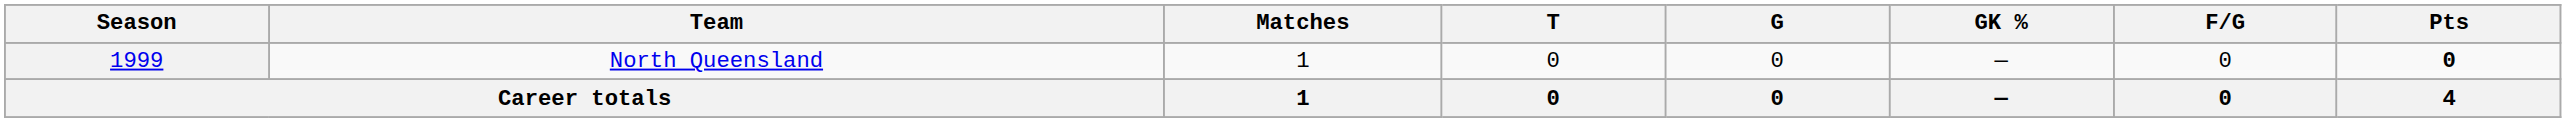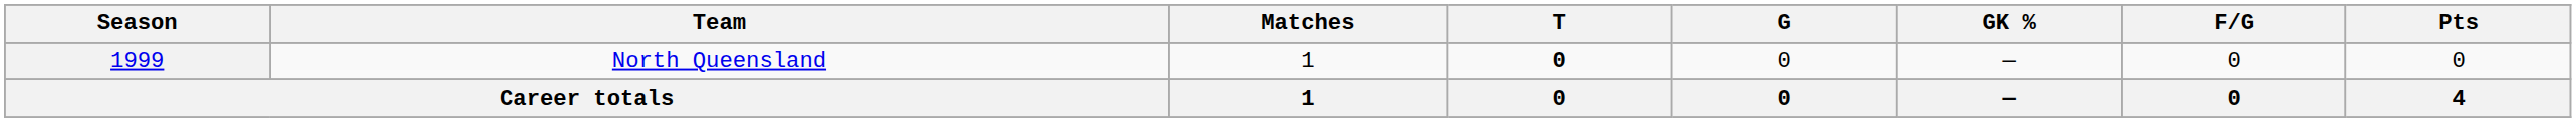 <table class="wikitable sortable"  style="font-size:90%; text-align:center; width:85%;">
 <tr>
 <th width=2%>Season</th>
 <th width=8%>Team</th>
 <th width=2%>Matches</th>
 <th width=2%>T</th>
 <th width=2%>G</th>
 <th width=2%>GK %</th>
 <th width=2%>F/G</th>
 <th width=2%>Pts</th>
 </tr>
 <tr>
 <th scope="row" style="text-align:center; font-weight:normal"><a href='#'>1999</a></th>
 <td style="text-align:center;"> <a href='#'>North Queensland</a></td>
 <td>1</td>
-<td>0</td>
+<td><strong>0</strong></td>
 <td>0</td>
 <td>—</td>
 <td>0</td>
-<td><strong>0</strong></td>
+<td>0</td>
 </tr>
 <tr class="sortbottom">
 <th colspan=2>Career totals</th>
 <th>1</th>
 <th>0</th>
 <th>0</th>
 <th>—</th>
 <th>0</th>
 <th>4</th>
 </tr>
 </table>
